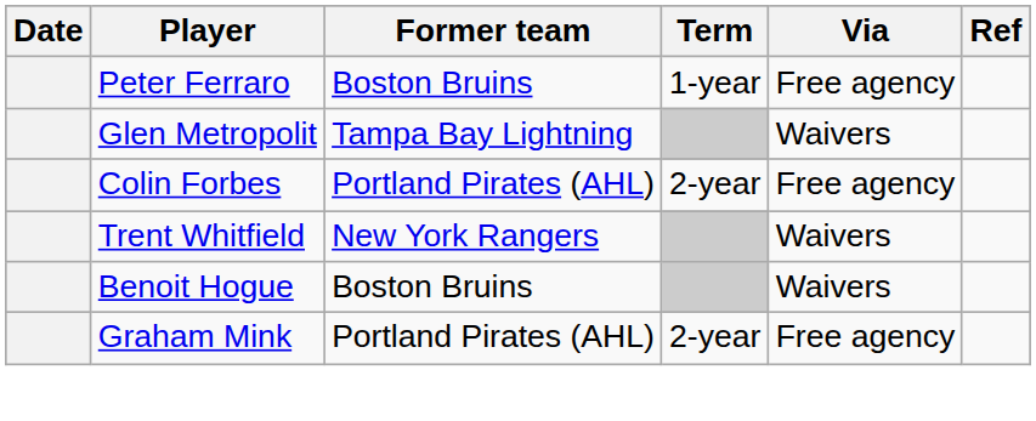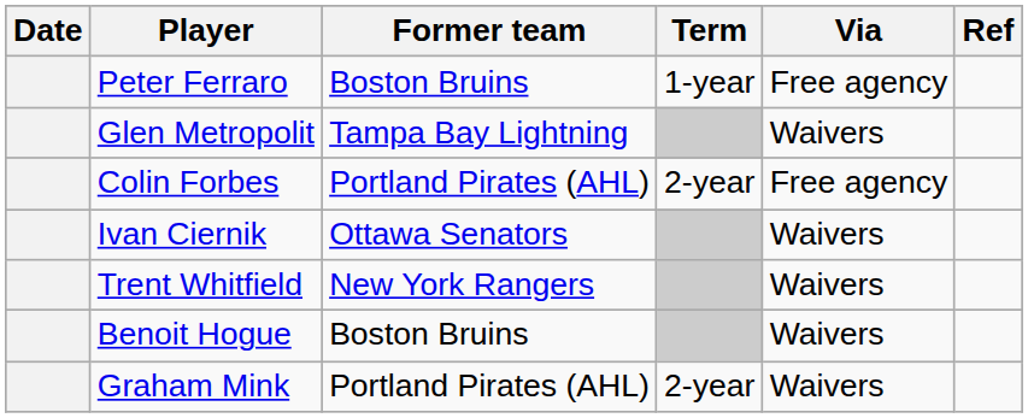 <table class="wikitable plainrowheaders">
 <tr style="background:#ddd; text-align:center;">
 <th>Date</th>
 <th>Player</th>
 <th>Former team</th>
 <th>Term</th>
 <th>Via</th>
 <th>Ref</th>
 </tr>
 <tr>
 <th scope="row"></th>
 <td><a href='#'>Peter Ferraro</a></td>
 <td><a href='#'>Boston Bruins</a></td>
 <td>1-year</td>
 <td>Free agency</td>
 <td></td>
 </tr>
 <tr>
 <th scope="row"></th>
 <td><a href='#'>Glen Metropolit</a></td>
 <td><a href='#'>Tampa Bay Lightning</a></td>
 <td style="background:#ccc"></td>
 <td>Waivers</td>
 <td></td>
 </tr>
 <tr>
 <th scope="row"></th>
 <td><a href='#'>Colin Forbes</a></td>
 <td><a href='#'>Portland Pirates</a> (<a href='#'>AHL</a>)</td>
 <td>2-year</td>
 <td>Free agency</td>
 <td></td>
 </tr>
 <tr>
 <th scope="row"></th>
+<td><a href='#'>Ivan Ciernik</a></td>
+<td><a href='#'>Ottawa Senators</a></td>
+<td style="background:#ccc"></td>
+<td>Waivers</td>
+<td></td>
+</tr>
+<tr>
+<th scope="row"></th>
 <td><a href='#'>Trent Whitfield</a></td>
 <td><a href='#'>New York Rangers</a></td>
 <td style="background:#ccc"></td>
 <td>Waivers</td>
 <td></td>
 </tr>
 <tr>
 <th scope="row"></th>
 <td><a href='#'>Benoit Hogue</a></td>
 <td>Boston Bruins</td>
 <td style="background:#ccc"></td>
 <td>Waivers</td>
 <td></td>
 </tr>
 <tr>
 <th scope="row"></th>
 <td><a href='#'>Graham Mink</a></td>
 <td>Portland Pirates (AHL)</td>
 <td>2-year</td>
-<td>Free agency</td>
+<td>Waivers</td>
 <td></td>
 </tr>
 </table>
